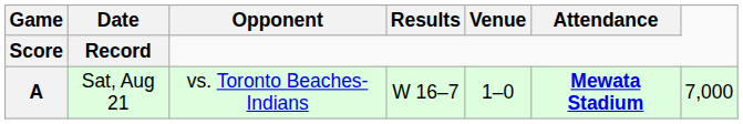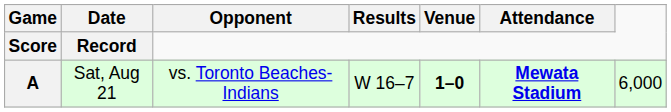 <table class="wikitable" style="text-align:center">
 <tr>
 <th>Game</th>
 <th>Date</th>
 <th>Opponent</th>
 <th>Results</th>
 <th>Venue</th>
 <th>Attendance</th>
 </tr>
 <tr>
 <th>Score</th>
 <th>Record</th>
 </tr>
 <tr style="background:#ddffdd">
 <th>A</th>
 <td>Sat, Aug 21</td>
 <td>vs. <a href='#'>Toronto Beaches-Indians</a></td>
 <td>W 16–7</td>
-<td>1–0</td>
+<td><strong>1–0</strong></td>
 <td><strong><a href='#'>Mewata Stadium</a></strong></td>
-<td>7,000</td>
+<td>6,000</td>
 </tr>
 </table>
